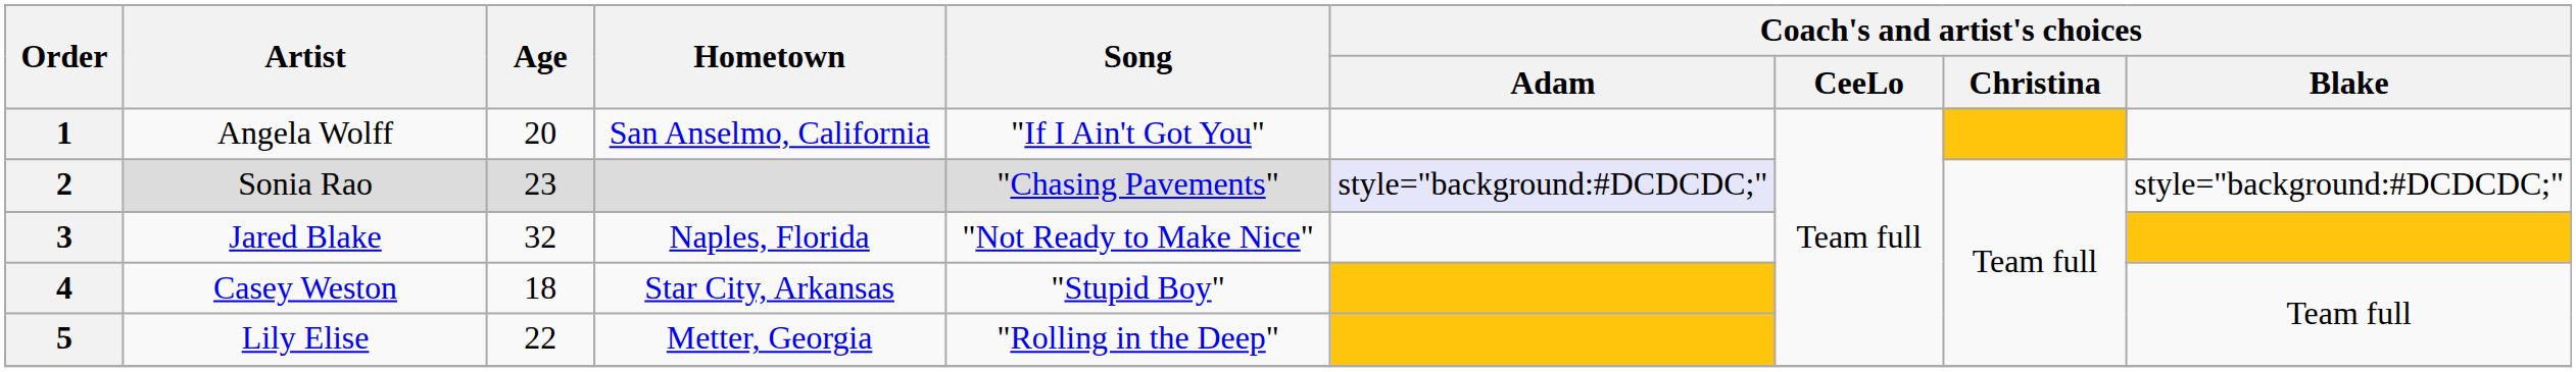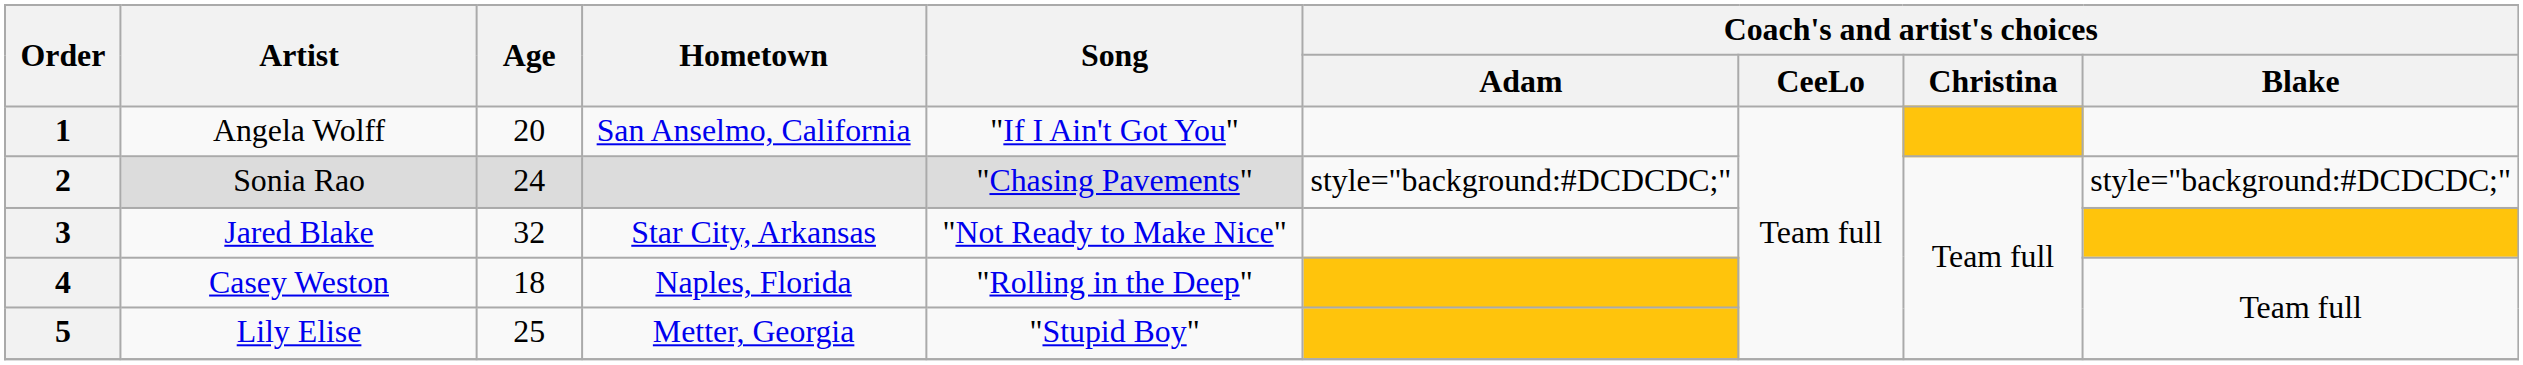 <table class="wikitable" style="text-align:center; width:100%;">
 <tr>
 <th rowspan="2" width="05%" scope="col">Order</th>
 <th rowspan="2" width="20%" scope="col">Artist</th>
 <th rowspan="2" width="05%" scope="col">Age</th>
 <th rowspan="2" width="18%" scope="col">Hometown</th>
 <th rowspan="2" width="20%" scope="col">Song</th>
 <th colspan="4" width="40%" scope="col">Coach's and artist's choices</th>
 </tr>
 <tr>
 <th width="08%" scope="col">Adam</th>
 <th width="08%" scope="col">CeeLo</th>
 <th width="08%" scope="col">Christina</th>
 <th width="08%" scope="col">Blake</th>
 </tr>
 <tr>
 <th>1</th>
 <td>Angela Wolff</td>
 <td>20</td>
 <td><a href='#'>San Anselmo, California</a></td>
 <td>"<a href='#'>If I Ain't Got You</a>"</td>
 <td></td>
 <td rowspan="5">Team full</td>
 <td style="background:#FFC40C;"><strong></strong></td>
 <td></td>
 </tr>
 <tr>
 <th>2</th>
 <td style="background:#DCDCDC;">Sonia Rao</td>
-<td style="background:#DCDCDC;">23</td>
+<td style="background:#DCDCDC;">24</td>
 <td style="background:#DCDCDC;"></td>
 <td style="background:#DCDCDC;">"<a href='#'>Chasing Pavements</a>"</td>
-<td style="background: lavender;">style="background:#DCDCDC;" </td>
+<td>style="background:#DCDCDC;" </td>
 <td rowspan="4">Team full</td>
 <td>style="background:#DCDCDC;" </td>
 </tr>
 <tr>
 <th>3</th>
 <td><a href='#'>Jared Blake</a></td>
 <td>32</td>
-<td><a href='#'>Naples, Florida</a></td>
+<td><a href='#'>Star City, Arkansas</a></td>
 <td>"<a href='#'>Not Ready to Make Nice</a>"</td>
 <td></td>
 <td style="background:#FFC40C;"><strong></strong></td>
 </tr>
 <tr>
 <th>4</th>
 <td><a href='#'>Casey Weston</a></td>
 <td>18</td>
-<td><a href='#'>Star City, Arkansas</a></td>
-<td>"<a href='#'>Stupid Boy</a>"</td>
+<td><a href='#'>Naples, Florida</a></td>
+<td>"<a href='#'>Rolling in the Deep</a>"</td>
 <td style="background:#FFC40C;"><strong></strong></td>
 <td rowspan="2">Team full</td>
 </tr>
 <tr>
 <th>5</th>
 <td><a href='#'>Lily Elise</a></td>
-<td>22</td>
+<td>25</td>
 <td><a href='#'>Metter, Georgia</a></td>
-<td>"<a href='#'>Rolling in the Deep</a>"</td>
+<td>"<a href='#'>Stupid Boy</a>"</td>
 <td style="background:#FFC40C;"><strong></strong></td>
 </tr>
 <tr>
 </tr>
 </table>
